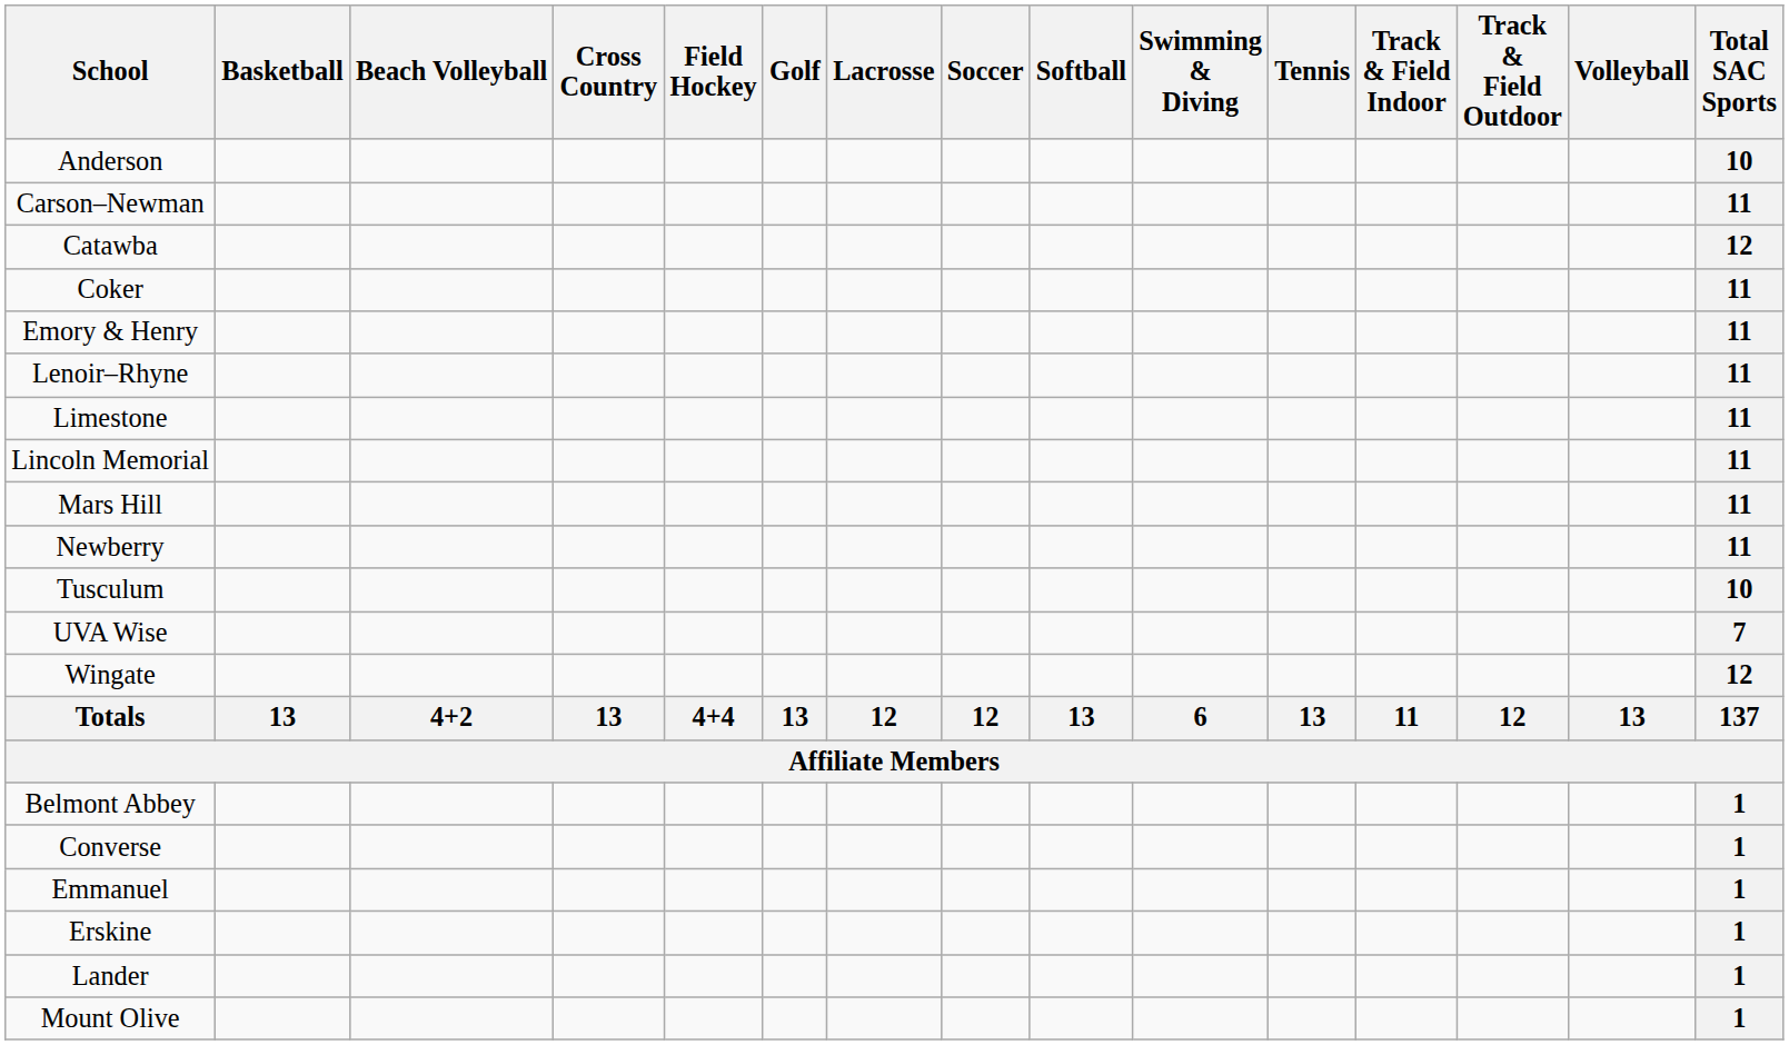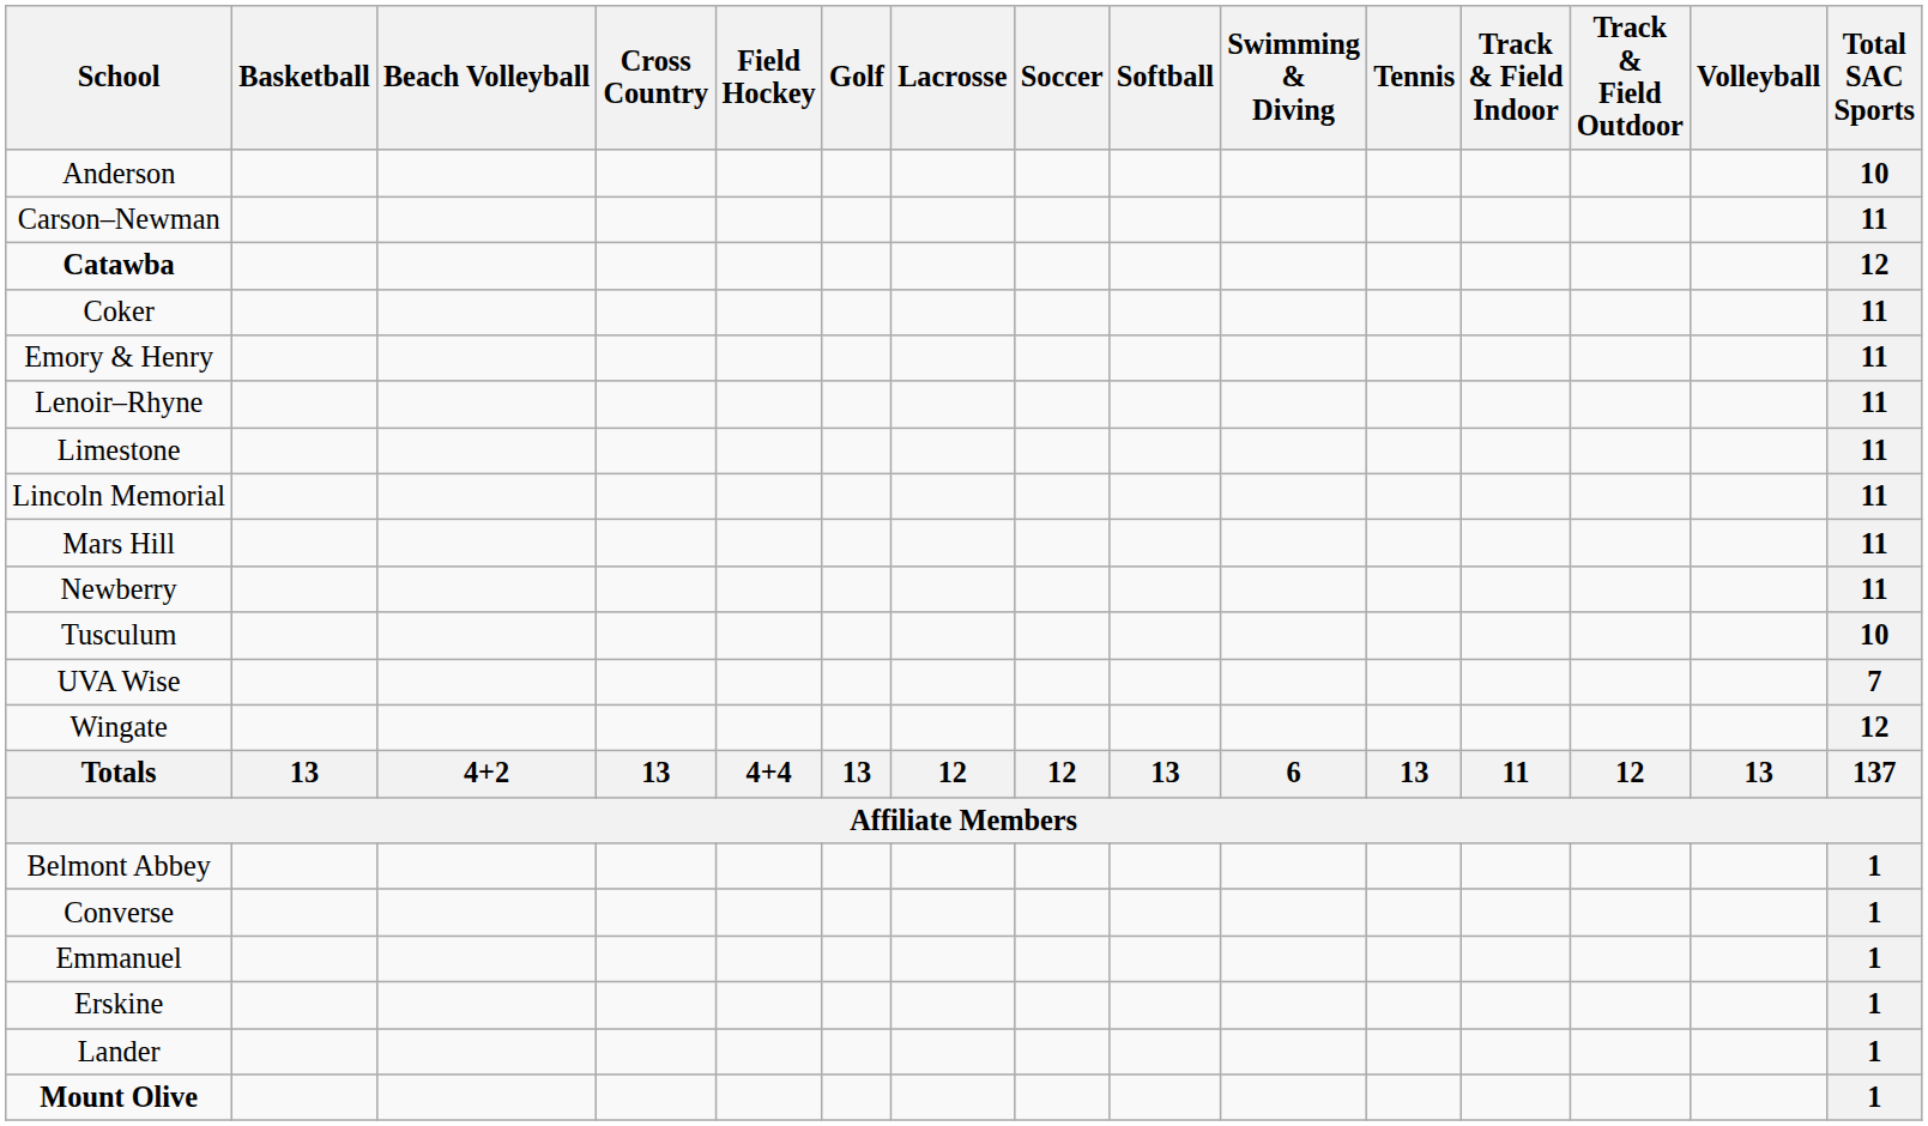 <table class="wikitable" style="text-align:center">
 <tr>
 <th>School</th>
 <th>Basketball</th>
 <th>Beach Volleyball</th>
 <th>Cross<br>Country</th>
 <th>Field<br>Hockey</th>
 <th>Golf</th>
 <th>Lacrosse</th>
 <th>Soccer</th>
 <th>Softball</th>
 <th>Swimming<br>&<br>Diving</th>
 <th>Tennis</th>
 <th>Track<br>& Field<br>Indoor</th>
 <th>Track<br>&<br>Field<br>Outdoor</th>
 <th>Volleyball</th>
 <th>Total<br>SAC<br>Sports</th>
 </tr>
 <tr>
 <td>Anderson</td>
 <td></td>
 <td></td>
 <td></td>
 <td></td>
 <td></td>
 <td></td>
 <td></td>
 <td></td>
 <td></td>
 <td></td>
 <td></td>
 <td></td>
 <td></td>
 <th>10</th>
 </tr>
 <tr>
 <td>Carson–Newman</td>
 <td></td>
 <td></td>
 <td></td>
 <td></td>
 <td></td>
 <td></td>
 <td></td>
 <td></td>
 <td></td>
 <td></td>
 <td></td>
 <td></td>
 <td></td>
 <th>11</th>
 </tr>
 <tr>
-<td>Catawba</td>
+<td><strong>Catawba</strong></td>
 <td></td>
 <td></td>
 <td></td>
 <td></td>
 <td></td>
 <td></td>
 <td></td>
 <td></td>
 <td></td>
 <td></td>
 <td></td>
 <td></td>
 <td></td>
 <th>12</th>
 </tr>
 <tr>
 <td>Coker</td>
 <td></td>
 <td></td>
 <td></td>
 <td></td>
 <td></td>
 <td></td>
 <td></td>
 <td></td>
 <td></td>
 <td></td>
 <td></td>
 <td></td>
 <td></td>
 <th>11</th>
 </tr>
 <tr>
 <td>Emory & Henry</td>
 <td></td>
 <td></td>
 <td></td>
 <td></td>
 <td></td>
 <td></td>
 <td></td>
 <td></td>
 <td></td>
 <td></td>
 <td></td>
 <td></td>
 <td></td>
 <th>11</th>
 </tr>
 <tr>
 <td>Lenoir–Rhyne</td>
 <td></td>
 <td></td>
 <td></td>
 <td></td>
 <td></td>
 <td></td>
 <td></td>
 <td></td>
 <td></td>
 <td></td>
 <td></td>
 <td></td>
 <td></td>
 <th>11</th>
 </tr>
 <tr>
 <td>Limestone</td>
 <td></td>
 <td></td>
 <td></td>
 <td></td>
 <td></td>
 <td></td>
 <td></td>
 <td></td>
 <td></td>
 <td></td>
 <td></td>
 <td></td>
 <td></td>
 <th>11</th>
 </tr>
 <tr>
 <td>Lincoln Memorial</td>
 <td></td>
 <td></td>
 <td></td>
 <td></td>
 <td></td>
 <td></td>
 <td></td>
 <td></td>
 <td></td>
 <td></td>
 <td></td>
 <td></td>
 <td></td>
 <th>11</th>
 </tr>
 <tr>
 <td>Mars Hill</td>
 <td></td>
 <td></td>
 <td></td>
 <td></td>
 <td></td>
 <td></td>
 <td></td>
 <td></td>
 <td></td>
 <td></td>
 <td></td>
 <td></td>
 <td></td>
 <th>11</th>
 </tr>
 <tr>
 <td>Newberry</td>
 <td></td>
 <td></td>
 <td></td>
 <td></td>
 <td></td>
 <td></td>
 <td></td>
 <td></td>
 <td></td>
 <td></td>
 <td></td>
 <td></td>
 <td></td>
 <th>11</th>
 </tr>
 <tr>
 <td>Tusculum</td>
 <td></td>
 <td></td>
 <td></td>
 <td></td>
 <td></td>
 <td></td>
 <td></td>
 <td></td>
 <td></td>
 <td></td>
 <td></td>
 <td></td>
 <td></td>
 <th>10</th>
 </tr>
 <tr>
 <td>UVA Wise</td>
 <td></td>
 <td></td>
 <td></td>
 <td></td>
 <td></td>
 <td></td>
 <td></td>
 <td></td>
 <td></td>
 <td></td>
 <td></td>
 <td></td>
 <td></td>
 <th>7</th>
 </tr>
 <tr>
 <td>Wingate</td>
 <td></td>
 <td></td>
 <td></td>
 <td></td>
 <td></td>
 <td></td>
 <td></td>
 <td></td>
 <td></td>
 <td></td>
 <td></td>
 <td></td>
 <td></td>
 <th>12</th>
 </tr>
 <tr>
 <th>Totals</th>
 <th>13</th>
 <th>4+2</th>
 <th>13</th>
 <th>4+4</th>
 <th>13</th>
 <th>12</th>
 <th>12</th>
 <th>13</th>
 <th>6</th>
 <th>13</th>
 <th>11</th>
 <th>12</th>
 <th>13</th>
 <th>137</th>
 </tr>
 <tr>
 <th colspan=15>Affiliate Members</th>
 </tr>
 <tr>
 <td>Belmont Abbey</td>
 <td></td>
 <td></td>
 <td></td>
 <td></td>
 <td></td>
 <td></td>
 <td></td>
 <td></td>
 <td></td>
 <td></td>
 <td></td>
 <td></td>
 <td></td>
 <th>1</th>
 </tr>
 <tr>
 <td>Converse</td>
 <td></td>
 <td></td>
 <td></td>
 <td></td>
 <td></td>
 <td></td>
 <td></td>
 <td></td>
 <td></td>
 <td></td>
 <td></td>
 <td></td>
 <td></td>
 <th>1</th>
 </tr>
 <tr>
 <td>Emmanuel</td>
 <td></td>
 <td></td>
 <td></td>
 <td></td>
 <td></td>
 <td></td>
 <td></td>
 <td></td>
 <td></td>
 <td></td>
 <td></td>
 <td></td>
 <td></td>
 <th>1</th>
 </tr>
 <tr>
 <td>Erskine</td>
 <td></td>
 <td></td>
 <td></td>
 <td></td>
 <td></td>
 <td></td>
 <td></td>
 <td></td>
 <td></td>
 <td></td>
 <td></td>
 <td></td>
 <td></td>
 <th>1</th>
 </tr>
 <tr>
 <td>Lander</td>
 <td></td>
 <td></td>
 <td></td>
 <td></td>
 <td></td>
 <td></td>
 <td></td>
 <td></td>
 <td></td>
 <td></td>
 <td></td>
 <td></td>
 <td></td>
 <th>1</th>
 </tr>
 <tr>
-<td>Mount Olive</td>
+<td><strong>Mount Olive</strong></td>
 <td></td>
 <td></td>
 <td></td>
 <td></td>
 <td></td>
 <td></td>
 <td></td>
 <td></td>
 <td></td>
 <td></td>
 <td></td>
 <td></td>
 <td></td>
 <th>1<br></th>
 </tr>
 </table>
